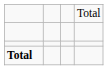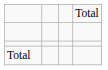 <table class=wikitable>
 <tr>
 <td></td>
 <td></td>
 <td></td>
 <td>Total</td>
 </tr>
 <tr>
 <td></td>
 <td>    </td>
 <td>   </td>
 <td></td>
 </tr>
 <tr>
 <td></td>
 <td></td>
 <td></td>
 <td></td>
 </tr>
 <tr>
-<td><strong>Total   </strong></td>
+<td>Total   </td>
 <td></td>
 <td></td>
 <td></td>
 </tr>
 </table>
